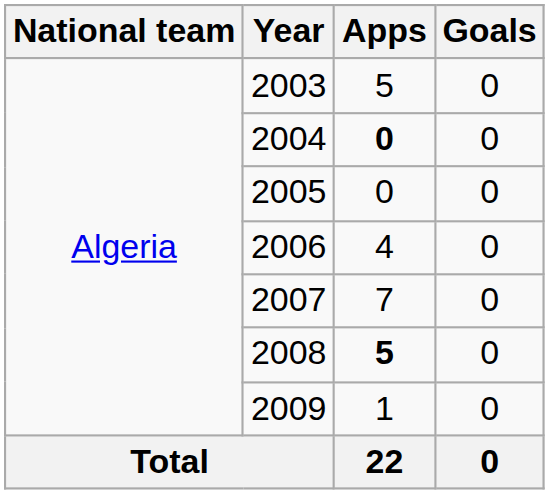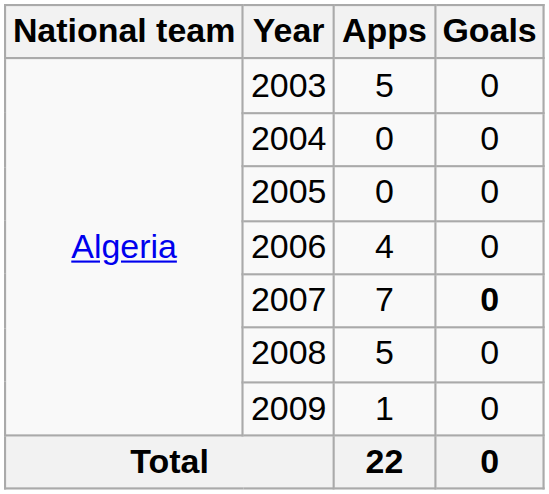 <table class="wikitable" style="text-align:center">
 <tr>
 <th>National team</th>
 <th>Year</th>
 <th>Apps</th>
 <th>Goals</th>
 </tr>
 <tr>
 <td rowspan="7"><a href='#'>Algeria</a></td>
 <td>2003</td>
 <td>5</td>
 <td>0</td>
 </tr>
 <tr>
 <td>2004</td>
-<td><strong>0</strong></td>
+<td>0</td>
 <td>0</td>
 </tr>
 <tr>
 <td>2005</td>
 <td>0</td>
 <td>0</td>
 </tr>
 <tr>
 <td>2006</td>
 <td>4</td>
 <td>0</td>
 </tr>
 <tr>
 <td>2007</td>
 <td>7</td>
-<td>0</td>
+<td><strong>0</strong></td>
 </tr>
 <tr>
 <td>2008</td>
-<td><strong>5</strong></td>
+<td>5</td>
 <td>0</td>
 </tr>
 <tr>
 <td>2009</td>
 <td>1</td>
 <td>0</td>
 </tr>
 <tr>
 <th colspan="2">Total</th>
 <th>22</th>
 <th>0</th>
 </tr>
 </table>
